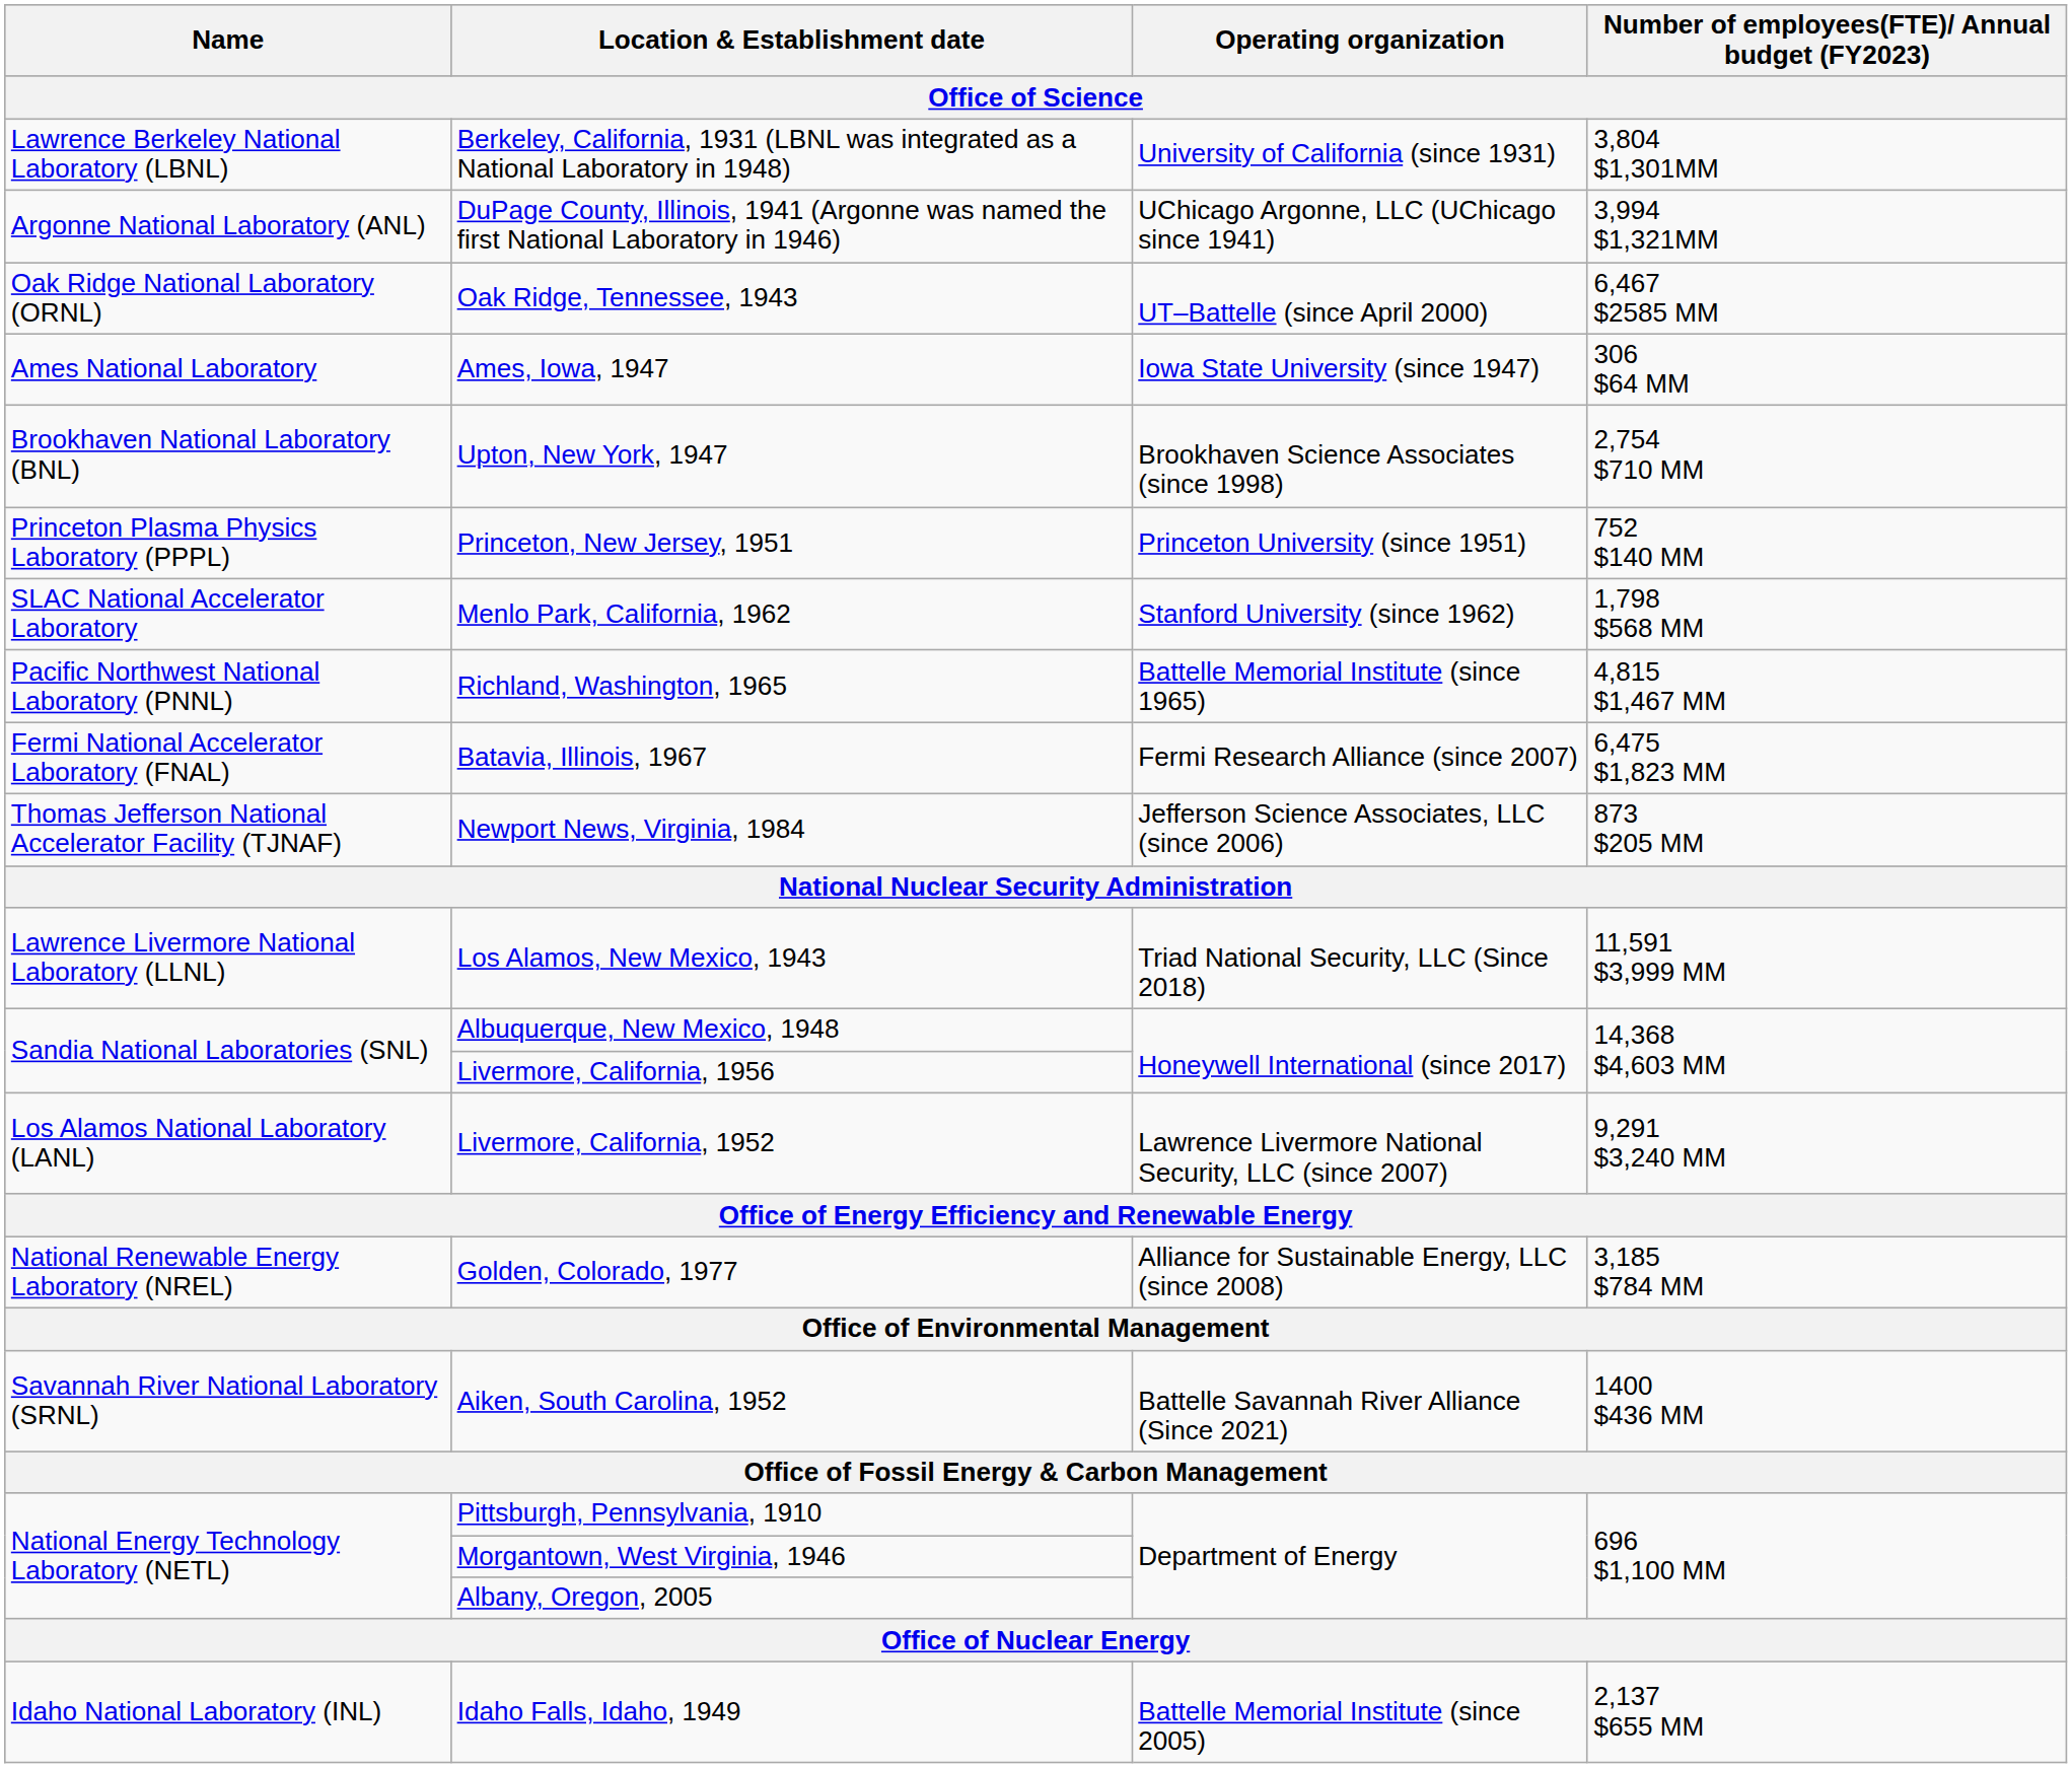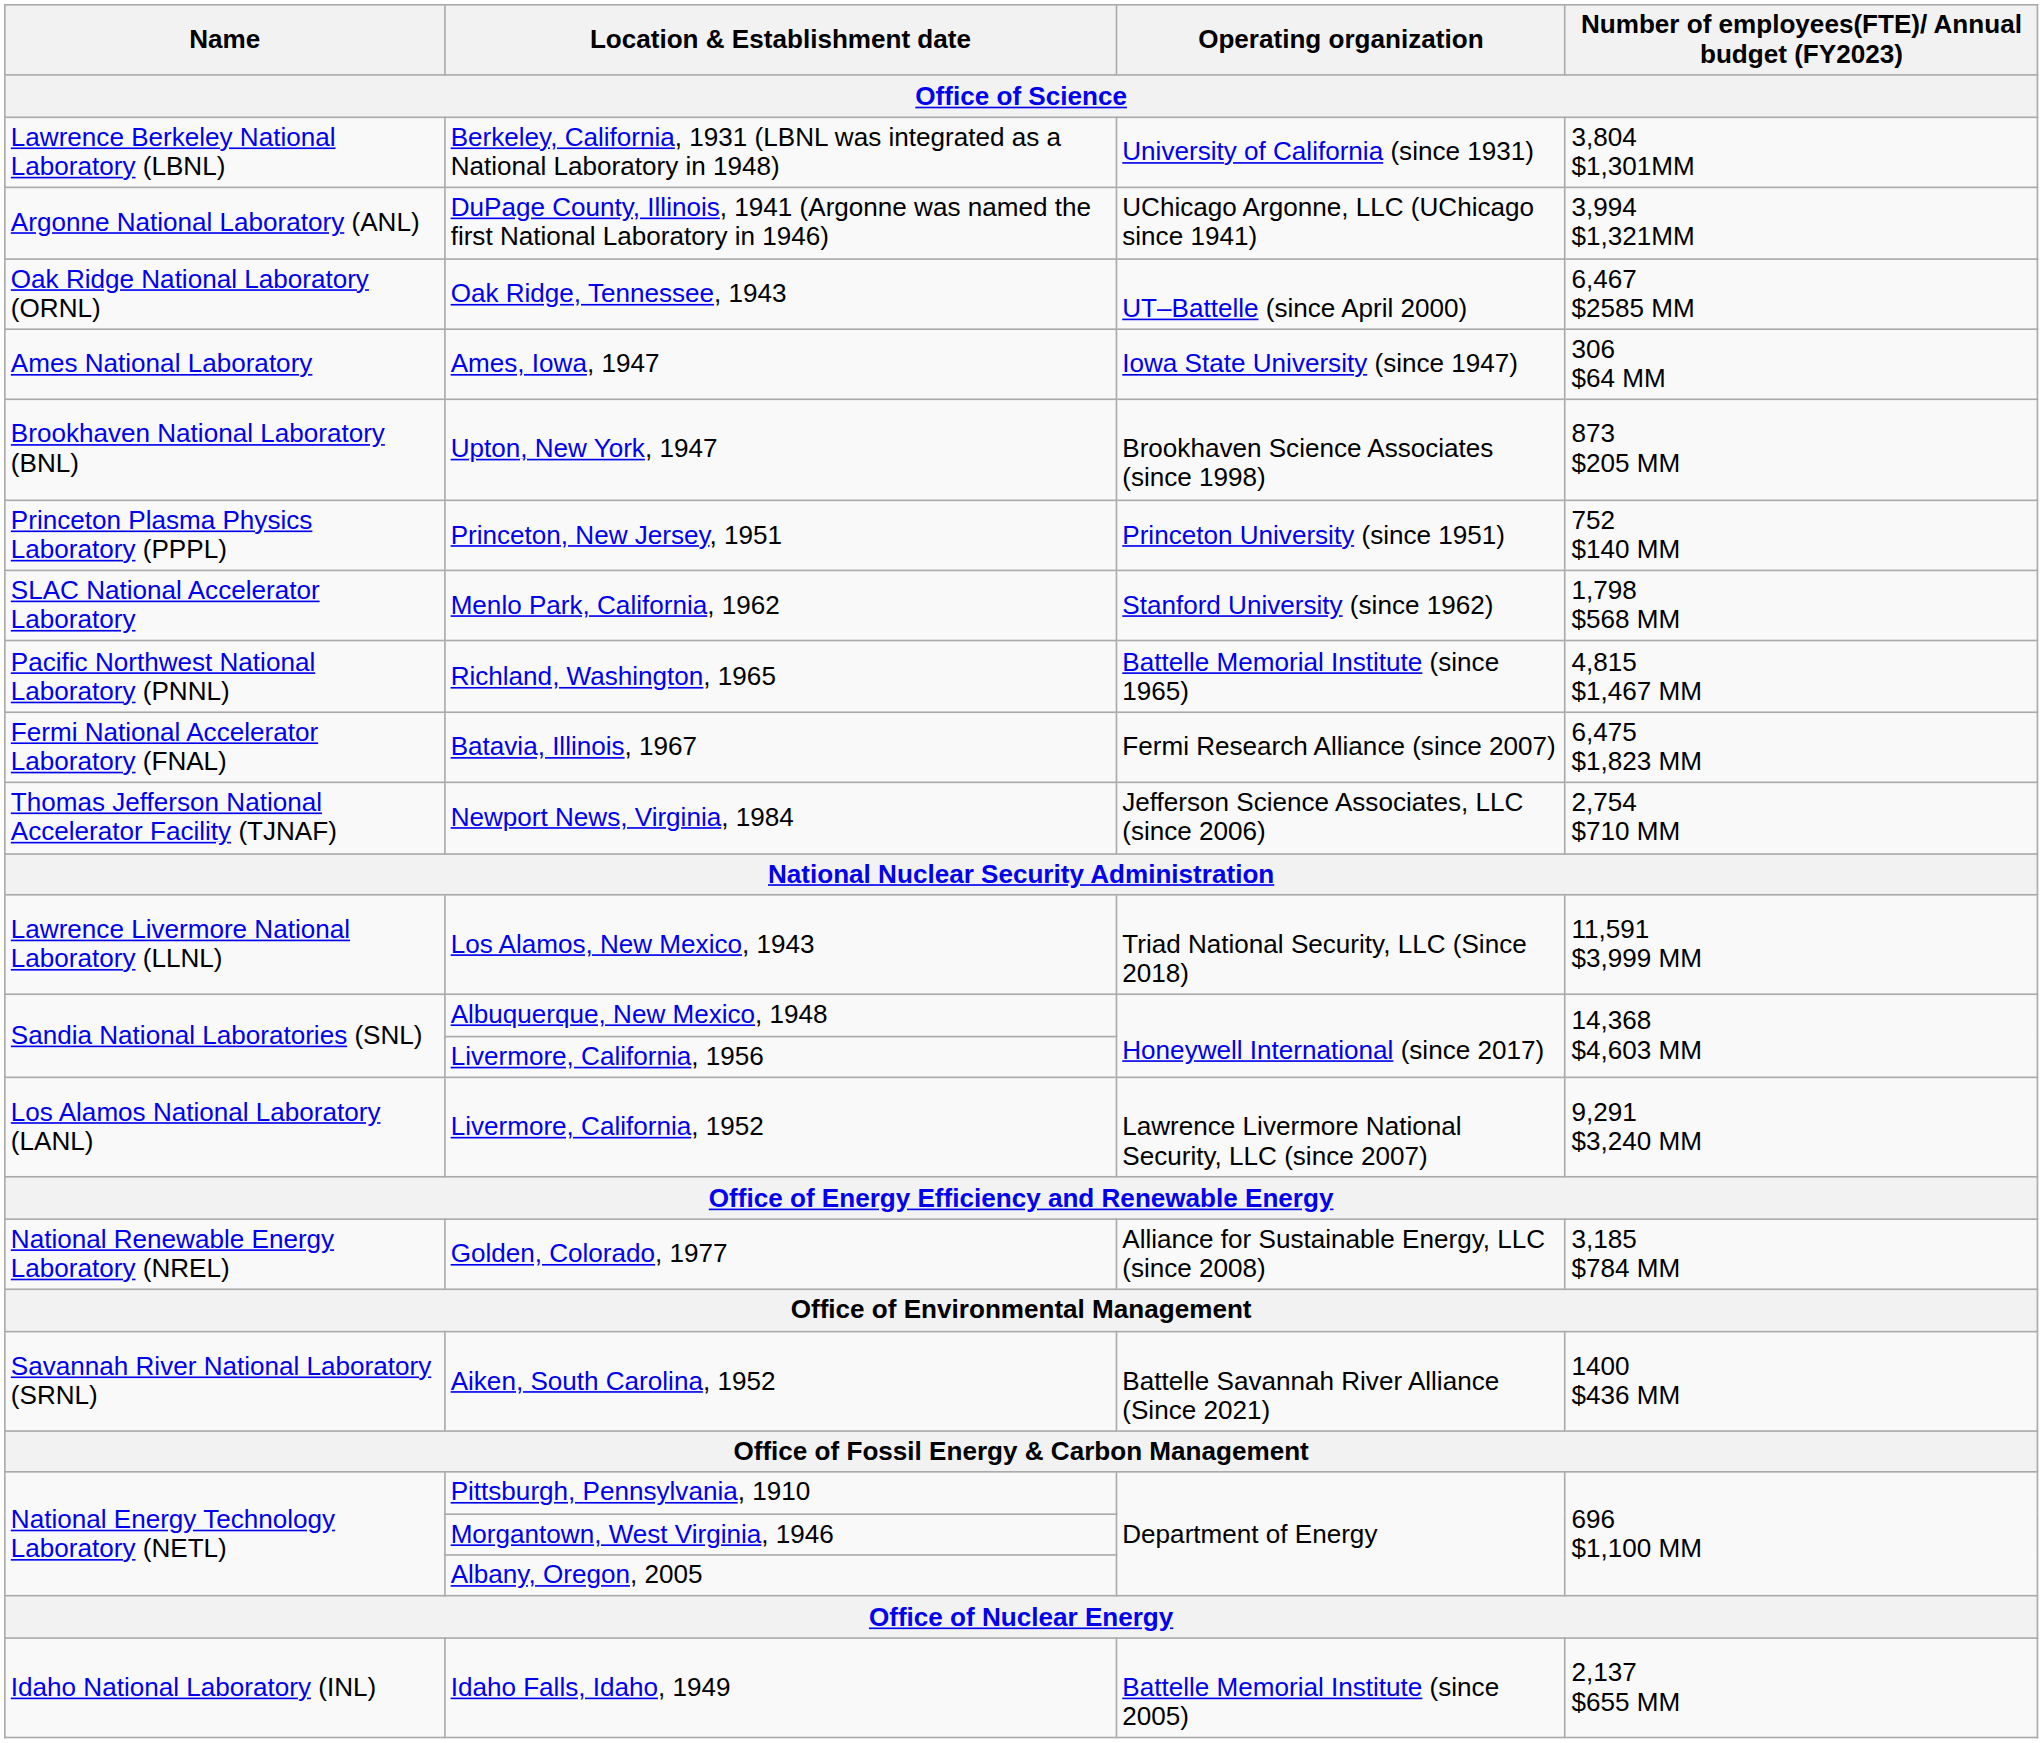 <table class="wikitable sortable">
 <tr>
 <th>Name</th>
 <th>Location & Establishment date</th>
 <th>Operating organization</th>
 <th>Number of employees(FTE)/ Annual budget (FY2023)</th>
 </tr>
 <tr>
 <th colspan="4"><a href='#'>Office of Science</a></th>
 </tr>
 <tr>
 <td><a href='#'>Lawrence Berkeley National Laboratory</a> (LBNL)</td>
 <td><a href='#'>Berkeley, California</a>, 1931 (LBNL was integrated as a National Laboratory in 1948)</td>
 <td><a href='#'>University of California</a> (since 1931)</td>
 <td>3,804<br>$1,301MM</td>
 </tr>
 <tr>
 <td><a href='#'>Argonne National Laboratory</a> (ANL)</td>
 <td><a href='#'>DuPage County, Illinois</a>, 1941 (Argonne was named the first National Laboratory in 1946)</td>
 <td>UChicago Argonne, LLC (UChicago since 1941)</td>
 <td>3,994<br>$1,321MM</td>
 </tr>
 <tr>
 <td><a href='#'>Oak Ridge National Laboratory</a> (ORNL)</td>
 <td><a href='#'>Oak Ridge, Tennessee</a>, 1943</td>
 <td><br><a href='#'>UT–Battelle</a> (since April 2000)</td>
 <td>6,467<br>$2585 MM</td>
 </tr>
 <tr>
 <td><a href='#'>Ames National Laboratory</a></td>
 <td><a href='#'>Ames, Iowa</a>, 1947</td>
 <td><a href='#'>Iowa State University</a> (since 1947)</td>
 <td>306<br>$64 MM</td>
 </tr>
 <tr>
 <td><a href='#'>Brookhaven National Laboratory</a> (BNL)</td>
 <td><a href='#'>Upton, New York</a>, 1947</td>
 <td><br>Brookhaven Science Associates (since 1998)</td>
-<td>2,754<br>$710 MM</td>
+<td>873<br>$205 MM</td>
 </tr>
 <tr>
 <td><a href='#'>Princeton Plasma Physics Laboratory</a> (PPPL)</td>
 <td><a href='#'>Princeton, New Jersey</a>, 1951</td>
 <td><a href='#'>Princeton University</a> (since 1951)</td>
 <td>752<br>$140 MM</td>
 </tr>
 <tr>
 <td><a href='#'>SLAC National Accelerator Laboratory</a></td>
 <td><a href='#'>Menlo Park, California</a>, 1962</td>
 <td><a href='#'>Stanford University</a> (since 1962)</td>
 <td>1,798<br>$568 MM</td>
 </tr>
 <tr>
 <td><a href='#'>Pacific Northwest National Laboratory</a> (PNNL)</td>
 <td><a href='#'>Richland, Washington</a>, 1965</td>
 <td><a href='#'>Battelle Memorial Institute</a> (since 1965)</td>
 <td>4,815<br>$1,467 MM</td>
 </tr>
 <tr>
 <td><a href='#'>Fermi National Accelerator Laboratory</a> (FNAL)</td>
 <td><a href='#'>Batavia, Illinois</a>, 1967</td>
 <td>Fermi Research Alliance (since 2007)</td>
 <td>6,475<br>$1,823 MM</td>
 </tr>
 <tr>
 <td><a href='#'>Thomas Jefferson National Accelerator Facility</a> (TJNAF)</td>
 <td><a href='#'>Newport News, Virginia</a>, 1984</td>
 <td>Jefferson Science Associates, LLC (since 2006)</td>
-<td>873<br>$205 MM</td>
+<td>2,754<br>$710 MM</td>
 </tr>
 <tr>
 <th colspan="4"><a href='#'>National Nuclear Security Administration</a></th>
 </tr>
 <tr>
 <td><a href='#'>Lawrence Livermore National Laboratory</a> (LLNL)</td>
 <td><a href='#'>Los Alamos, New Mexico</a>, 1943</td>
 <td><br>Triad National Security, LLC (Since 2018) </td>
 <td>11,591<br>$3,999 MM</td>
 </tr>
 <tr>
 <td rowspan="2"><a href='#'>Sandia National Laboratories</a> (SNL)</td>
 <td><a href='#'>Albuquerque, New Mexico</a>, 1948</td>
 <td rowspan="2"><br><a href='#'>Honeywell International</a> (since 2017)</td>
 <td rowspan = "2">14,368<br>$4,603 MM</td>
 </tr>
 <tr>
 <td><a href='#'>Livermore, California</a>, 1956</td>
 </tr>
 <tr>
 <td><a href='#'>Los Alamos National Laboratory</a> (LANL)</td>
 <td><a href='#'>Livermore, California</a>, 1952</td>
 <td><br>Lawrence Livermore National Security, LLC (since 2007)</td>
 <td>9,291<br>$3,240 MM</td>
 </tr>
 <tr>
 <th colspan="4"><a href='#'>Office of Energy Efficiency and Renewable Energy</a></th>
 </tr>
 <tr>
 <td><a href='#'>National Renewable Energy Laboratory</a> (NREL)</td>
 <td><a href='#'>Golden, Colorado</a>, 1977</td>
 <td>Alliance for Sustainable Energy, LLC (since 2008)</td>
 <td>3,185<br>$784 MM</td>
 </tr>
 <tr>
 <th colspan="4">Office of Environmental Management</th>
 </tr>
 <tr>
 <td><a href='#'>Savannah River National Laboratory</a> (SRNL)</td>
 <td><a href='#'>Aiken, South Carolina</a>, 1952</td>
 <td><br>Battelle Savannah River Alliance (Since 2021)</td>
 <td>1400<br>$436 MM</td>
 </tr>
 <tr>
 <th colspan="4">Office of Fossil Energy & Carbon Management</th>
 </tr>
 <tr>
 <td rowspan="3"><a href='#'>National Energy Technology Laboratory</a> (NETL)</td>
 <td><a href='#'>Pittsburgh, Pennsylvania</a>, 1910</td>
 <td rowspan="3">Department of Energy</td>
 <td rowspan="3">696<br>$1,100 MM</td>
 </tr>
 <tr>
 <td><a href='#'>Morgantown, West Virginia</a>, 1946</td>
 </tr>
 <tr>
 <td><a href='#'>Albany, Oregon</a>, 2005</td>
 </tr>
 <tr>
 <th colspan="4"><a href='#'>Office of Nuclear Energy</a></th>
 </tr>
 <tr>
 <td><a href='#'>Idaho National Laboratory</a> (INL)</td>
 <td><a href='#'>Idaho Falls, Idaho</a>, 1949</td>
 <td><br><a href='#'>Battelle Memorial Institute</a> (since 2005)</td>
 <td>2,137<br>$655 MM</td>
 </tr>
 </table>
